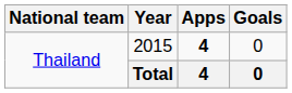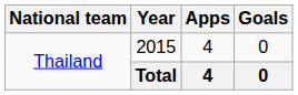 <table class="wikitable" style="text-align:center">
 <tr>
 <th>National team</th>
 <th>Year</th>
 <th>Apps</th>
 <th>Goals</th>
 </tr>
 <tr>
 <td rowspan="5" valign="center"><a href='#'>Thailand</a></td>
 <td>2015</td>
-<td><strong>4</strong></td>
+<td>4</td>
 <td>0</td>
 </tr>
 <tr>
 <th>Total</th>
 <th>4</th>
 <th>0</th>
 </tr>
 </table>
